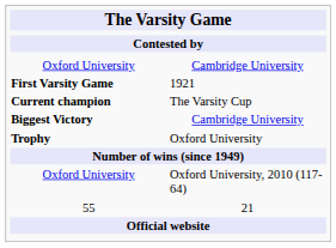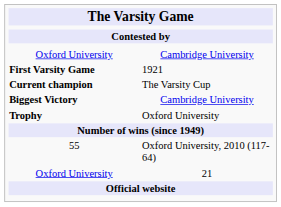 <table class="infobox" style="width: 26em; font-size: 95%;">
 <tr>
 <td colspan="2" style="text-align: center; font-size: 130%;background:lavender;"><strong>The Varsity Game</strong></td>
 </tr>
 <tr>
 <td colspan="2" style="width:100%; vertical-align:middle; text-align:center;"></td>
 </tr>
 <tr>
 <td colspan="2" style="text-align: center; font-size: 100%; background:lavender;"><strong>Contested by</strong></td>
 </tr>
 <tr>
 <td style="width:50%; vertical-align:middle; text-align:center;"></td>
 <td style="width:50%; vertical-align:middle; text-align:center;"></td>
 </tr>
 <tr>
 <td style="text-align:center;"><a href='#'>Oxford University</a></td>
 <td style="text-align:center;"><a href='#'>Cambridge University</a></td>
 </tr>
 <tr>
 <td><strong>First Varsity Game</strong></td>
 <td>1921</td>
 </tr>
 <tr>
 <td><strong>Current champion</strong></td>
 <td>The Varsity Cup</td>
 </tr>
 <tr>
 <td><strong>Biggest Victory</strong></td>
 <td style="text-align:center;"><a href='#'>Cambridge University</a></td>
 </tr>
 <tr>
 <td><strong>Trophy</strong></td>
 <td>Oxford University</td>
 </tr>
 <tr>
 <td colspan="2" style="text-align: center; font-size: 100%; background:lavender;"><strong>Number of wins (since 1949)</strong></td>
 </tr>
 <tr>
-<td style="text-align:center;"><a href='#'>Oxford University</a></td>
+<td style="text-align:center;">55</td>
 <td>Oxford University, 2010 (117-64)</td>
 </tr>
 <tr>
-<td style="text-align:center;">55</td>
+<td style="text-align:center;"><a href='#'>Oxford University</a></td>
 <td style="text-align:center;">21<br></td>
 </tr>
 <tr>
 <td colspan="2" style="text-align: center; font-size: 100%; background:lavender;"><strong>Official website</strong></td>
 </tr>
 <tr>
 <td colspan="2" style="text-align:center;"></td>
 </tr>
 </table>
